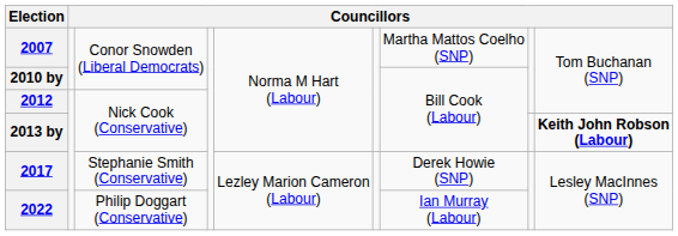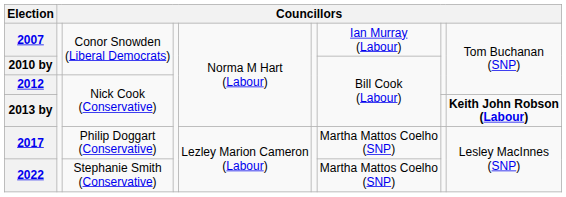 <table class="wikitable" style="text-align:center">
 <tr>
 <th>Election</th>
 <th colspan=8>Councillors</th>
 </tr>
 <tr>
 <th><a href='#'>2007</a></th>
 <td rowspan=2; style="background-color: "></td>
 <td rowspan=2>Conor Snowden<br>(<a href='#'>Liberal Democrats</a>)</td>
 <td rowspan=6; style="background-color: "></td>
 <td rowspan=4>Norma M Hart<br>(<a href='#'>Labour</a>)</td>
 <td rowspan=4; style="background-color: "></td>
-<td rowspan=1>Martha Mattos Coelho<br>(<a href='#'>SNP</a>)</td>
+<td rowspan=1><a href='#'>Ian Murray</a><br>(<a href='#'>Labour</a>)</td>
 <td rowspan=3; style="background-color: "></td>
 <td rowspan=3>Tom Buchanan<br>(<a href='#'>SNP</a>)</td>
 </tr>
 <tr>
 <th>2010 by</th>
 <td rowspan=3>Bill Cook<br>(<a href='#'>Labour</a>)</td>
 </tr>
 <tr>
 <th><a href='#'>2012</a></th>
 <td rowspan=4; style="background-color: "></td>
 <td rowspan=2>Nick Cook<br>(<a href='#'>Conservative</a>)</td>
 </tr>
 <tr>
 <th>2013 by</th>
 <td rowspan=1; style="background-color: "></td>
 <td rowspan=1><strong>Keith John Robson<br>(<a href='#'>Labour</a>)</strong></td>
 </tr>
 <tr>
 <th><a href='#'>2017</a></th>
-<td rowspan=1>Stephanie Smith<br>(<a href='#'>Conservative</a>)</td>
+<td rowspan=1>Philip Doggart<br>(<a href='#'>Conservative</a>)</td>
 <td rowspan=2>Lezley Marion Cameron<br>(<a href='#'>Labour</a>)</td>
 <td rowspan=2; style="background-color: "></td>
-<td rowspan=1>Derek Howie<br>(<a href='#'>SNP</a>)</td>
+<td rowspan=1>Martha Mattos Coelho<br>(<a href='#'>SNP</a>)</td>
 <td rowspan=2; style="background-color: "></td>
 <td rowspan=2>Lesley MacInnes<br>(<a href='#'>SNP</a>)</td>
 </tr>
 <tr>
 <th><a href='#'>2022</a></th>
-<td rowspan=1>Philip Doggart<br>(<a href='#'>Conservative</a>)</td>
-<td rowspan=1><a href='#'>Ian Murray</a><br>(<a href='#'>Labour</a>)</td>
+<td rowspan=1>Stephanie Smith<br>(<a href='#'>Conservative</a>)</td>
+<td rowspan=1>Martha Mattos Coelho<br>(<a href='#'>SNP</a>)</td>
 </tr>
 </table>
